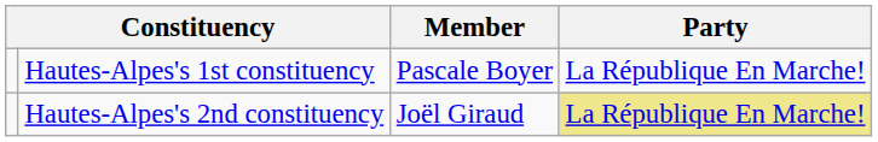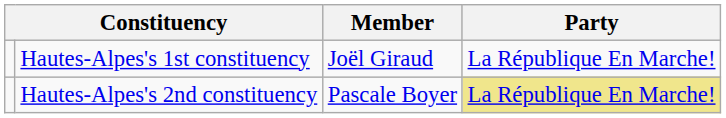 <table class="wikitable">
 <tr>
 <th colspan="2">Constituency</th>
 <th>Member</th>
 <th>Party</th>
 </tr>
 <tr>
 <td style="background-color: "></td>
 <td><a href='#'>Hautes-Alpes's 1st constituency</a></td>
-<td><a href='#'>Pascale Boyer</a></td>
+<td><a href='#'>Joël Giraud</a></td>
 <td><a href='#'>La République En Marche!</a></td>
 </tr>
 <tr>
 <td style="background-color: "></td>
 <td><a href='#'>Hautes-Alpes's 2nd constituency</a></td>
-<td><a href='#'>Joël Giraud</a></td>
+<td><a href='#'>Pascale Boyer</a></td>
 <td style="background: khaki;"><a href='#'>La République En Marche!</a></td>
 </tr>
 </table>
